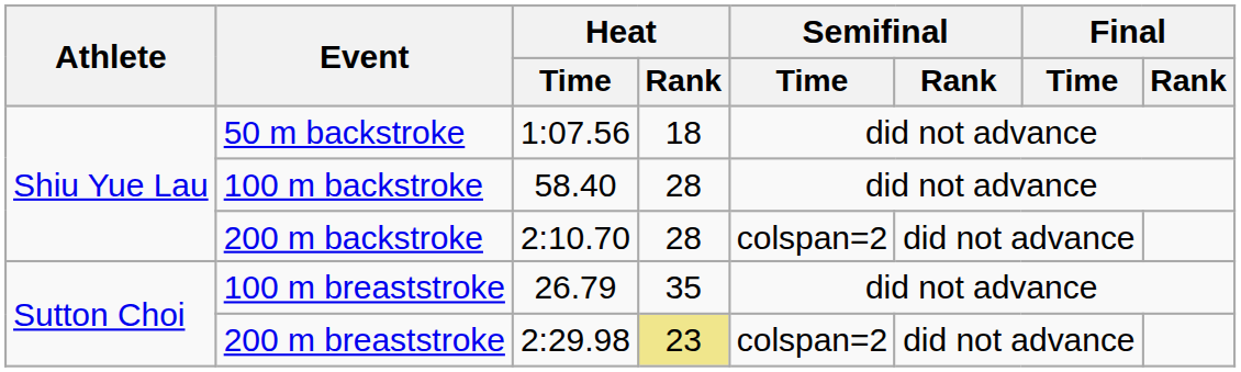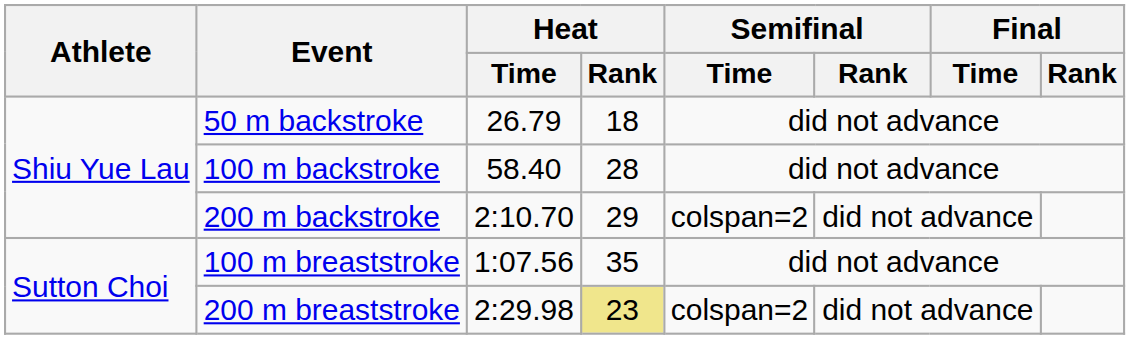 <table class=wikitable style="font-size:90%">
 <tr>
 <th rowspan=2>Athlete</th>
 <th rowspan=2>Event</th>
 <th colspan="2">Heat</th>
 <th colspan="2">Semifinal</th>
 <th colspan="2">Final</th>
 </tr>
 <tr style="font-size:95%">
 <th>Time</th>
 <th>Rank</th>
 <th>Time</th>
 <th>Rank</th>
 <th>Time</th>
 <th>Rank</th>
 </tr>
 <tr align=center>
 <td align=left rowspan=3><a href='#'>Shiu Yue Lau</a></td>
 <td align=left><a href='#'>50 m backstroke</a></td>
-<td>1:07.56</td>
+<td>26.79</td>
 <td>18</td>
 <td colspan=4>did not advance</td>
 </tr>
 <tr align=center>
 <td align=left><a href='#'>100 m backstroke</a></td>
 <td>58.40</td>
 <td>28</td>
 <td colspan=4>did not advance</td>
 </tr>
 <tr align=center>
 <td align=left><a href='#'>200 m backstroke</a></td>
 <td>2:10.70</td>
-<td>28</td>
+<td>29</td>
 <td>colspan=2 </td>
 <td colspan=2>did not advance</td>
 </tr>
 <tr align=center>
 <td align=left rowspan=2><a href='#'>Sutton Choi</a></td>
 <td align=left><a href='#'>100 m breaststroke</a></td>
-<td>26.79</td>
+<td>1:07.56</td>
 <td>35</td>
 <td colspan=4>did not advance</td>
 </tr>
 <tr align=center>
 <td align=left><a href='#'>200 m breaststroke</a></td>
 <td>2:29.98</td>
 <td style="background: khaki;">23</td>
 <td>colspan=2 </td>
 <td colspan=2>did not advance</td>
 </tr>
 </table>
